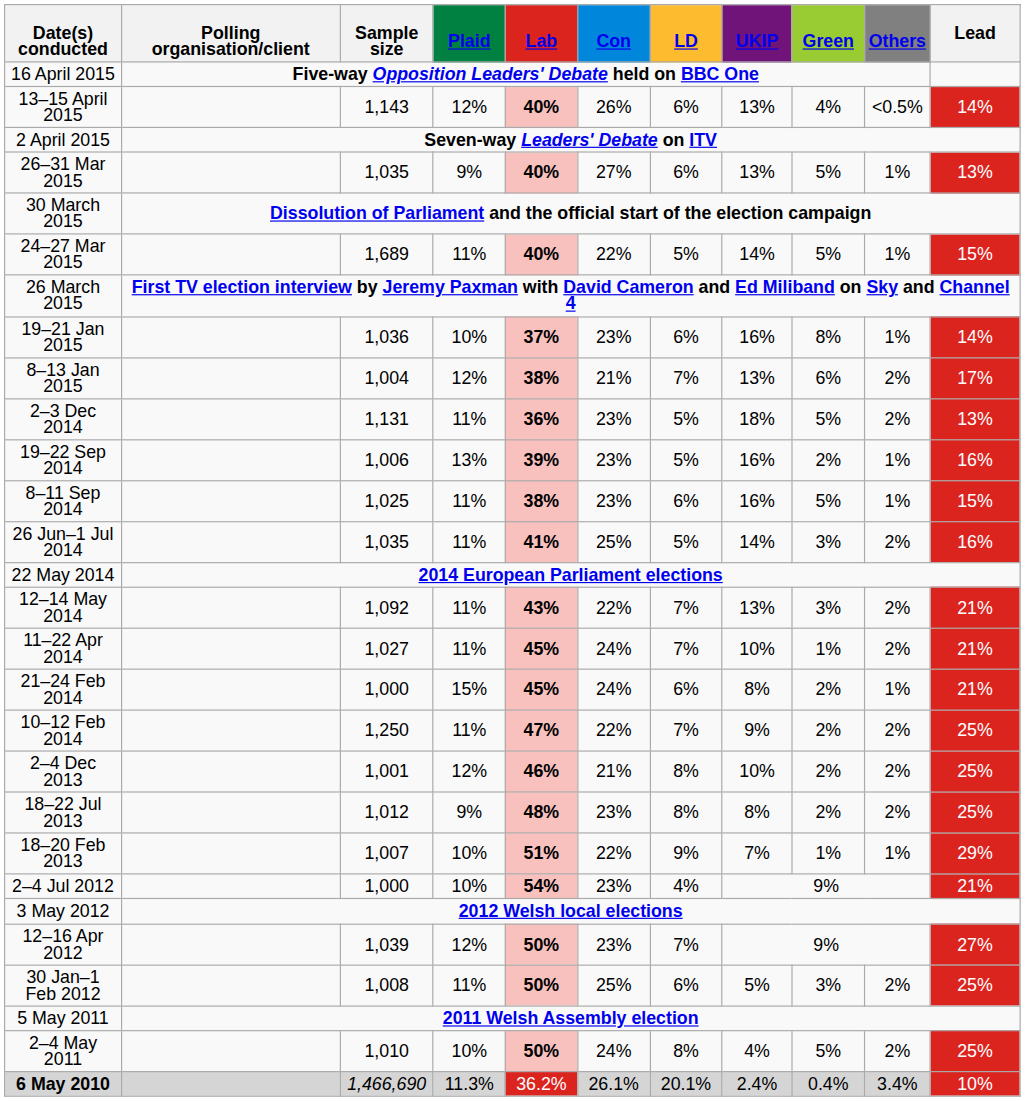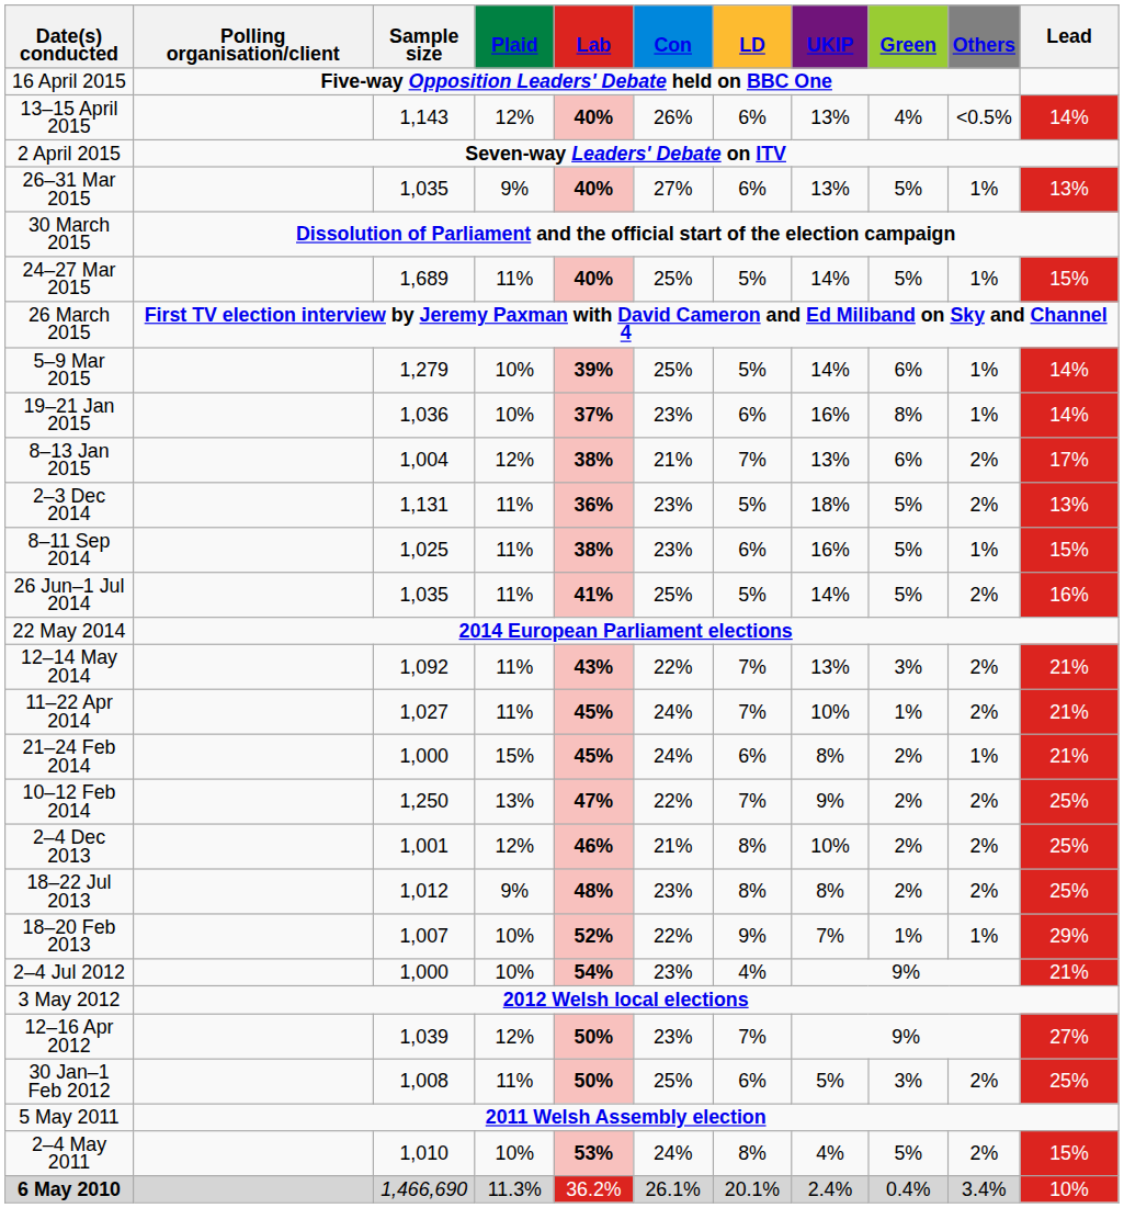 <table class="wikitable sortable" style="text-align:center;font-size:95%;line-height:14px">
 <tr>
 <th style="width:100px;"><br>Date(s) conducted</th>
 <th style="width:200px;"><br>Polling organisation/client</th>
 <th class="unsortable" style="width:75px;"><br>Sample size</th>
 <th class="unsortable" style="background:#008142; width:60px;"><br><a href='#'><span>Plaid</span></a></th>
 <th class="unsortable" style="background:#dc241f; width:60px;"><br><a href='#'><span>Lab</span></a></th>
 <th class="unsortable" style="background:#0087dc; width:60px;"><br><a href='#'><span>Con</span></a></th>
 <th class="unsortable" style="background:#fdbb30; width:60px;"><br><a href='#'><span>LD</span></a></th>
 <th class="unsortable" style="background:#70147a; width:60px;"><br><a href='#'><span>UKIP</span></a></th>
 <th class="unsortable" style="background:#99CC33; width:60px;"><br><a href='#'><span>Green</span></a></th>
 <th class="unsortable" style="background:gray; width:60x;"><br><a href='#'><span>Others</span></a></th>
 <th ! class="unsortable" style="width:85px;">Lead</th>
 </tr>
 <tr>
 <td>16 April 2015</td>
 <td colspan="9"><strong>Five-way <em><a href='#'>Opposition Leaders' Debate</a></em> held on <a href='#'>BBC One</a></strong></td>
 </tr>
 <tr>
 <td>13–15 April 2015</td>
 <td></td>
 <td>1,143</td>
 <td>12%</td>
 <td style="background:#F8C1BE"><strong>40%</strong></td>
 <td>26%</td>
 <td>6%</td>
 <td>13%</td>
 <td>4%</td>
 <td><0.5%</td>
 <td style="background:#dc241f; color:white;">14%</td>
 </tr>
 <tr>
 <td>2 April 2015</td>
 <td colspan="10"><strong>Seven-way <em><a href='#'>Leaders' Debate</a></em> on <a href='#'>ITV</a></strong></td>
 </tr>
 <tr>
 <td>26–31 Mar 2015</td>
 <td></td>
 <td>1,035</td>
 <td>9%</td>
 <td style="background:#F8C1BE"><strong>40%</strong></td>
 <td>27%</td>
 <td>6%</td>
 <td>13%</td>
 <td>5%</td>
 <td>1%</td>
 <td style="background:#dc241f; color:white;">13%</td>
 </tr>
 <tr>
 <td>30 March 2015</td>
 <td colspan="10"><strong><a href='#'>Dissolution of Parliament</a> and the official start of the election campaign</strong></td>
 </tr>
 <tr>
 <td>24–27 Mar 2015</td>
 <td></td>
 <td>1,689</td>
 <td>11%</td>
 <td style="background:#F8C1BE"><strong>40%</strong></td>
-<td>22%</td>
+<td>25%</td>
 <td>5%</td>
 <td>14%</td>
 <td>5%</td>
 <td>1%</td>
 <td style="background:#dc241f; color:white;">15%</td>
 </tr>
 <tr>
 <td>26 March 2015</td>
 <td colspan="10"><strong><a href='#'>First TV election interview</a> by <a href='#'>Jeremy Paxman</a> with <a href='#'>David Cameron</a> and <a href='#'>Ed Miliband</a> on <a href='#'>Sky</a> and <a href='#'>Channel 4</a></strong></td>
+</tr>
+<tr>
+<td>5–9 Mar 2015</td>
+<td></td>
+<td>1,279</td>
+<td>10%</td>
+<td style="background:#F8C1BE"><strong>39%</strong></td>
+<td>25%</td>
+<td>5%</td>
+<td>14%</td>
+<td>6%</td>
+<td>1%</td>
+<td style="background:#dc241f; color:white;">14%</td>
 </tr>
 <tr>
 <td>19–21 Jan 2015</td>
 <td></td>
 <td>1,036</td>
 <td>10%</td>
 <td style="background:#F8C1BE"><strong>37%</strong></td>
 <td>23%</td>
 <td>6%</td>
 <td>16%</td>
 <td>8%</td>
 <td>1%</td>
 <td style="background:#dc241f; color:white;">14%</td>
 </tr>
 <tr>
 <td>8–13 Jan 2015</td>
 <td></td>
 <td>1,004</td>
 <td>12%</td>
 <td style="background:#F8C1BE"><strong>38%</strong></td>
 <td>21%</td>
 <td>7%</td>
 <td>13%</td>
 <td>6%</td>
 <td>2%</td>
 <td style="background:#dc241f; color:white;">17%</td>
 </tr>
 <tr>
 <td>2–3 Dec 2014</td>
 <td></td>
 <td>1,131</td>
 <td>11%</td>
 <td style="background:#F8C1BE"><strong>36%</strong></td>
 <td>23%</td>
 <td>5%</td>
 <td>18%</td>
 <td>5%</td>
 <td>2%</td>
 <td style="background:#dc241f; color:white;">13%</td>
 </tr>
 <tr>
-<td>19–22 Sep 2014</td>
-<td></td>
-<td>1,006</td>
-<td>13%</td>
-<td style="background:#F8C1BE"><strong>39%</strong></td>
-<td>23%</td>
-<td>5%</td>
-<td>16%</td>
-<td>2%</td>
-<td>1%</td>
-<td style="background:#dc241f; color:white;">16%</td>
-</tr>
-<tr>
 <td>8–11 Sep 2014</td>
 <td></td>
 <td>1,025</td>
 <td>11%</td>
 <td style="background:#F8C1BE"><strong>38%</strong></td>
 <td>23%</td>
 <td>6%</td>
 <td>16%</td>
 <td>5%</td>
 <td>1%</td>
 <td style="background:#dc241f; color:white;">15%</td>
 </tr>
 <tr>
 <td>26 Jun–1 Jul 2014</td>
 <td></td>
 <td>1,035</td>
 <td>11%</td>
 <td style="background:#F8C1BE"><strong>41%</strong></td>
 <td>25%</td>
 <td>5%</td>
 <td>14%</td>
-<td>3%</td>
+<td>5%</td>
 <td>2%</td>
 <td style="background:#dc241f; color:white;">16%</td>
 </tr>
 <tr>
 <td data-sort-value="2014-05-22">22 May 2014</td>
 <td colspan="10"><strong><a href='#'>2014 European Parliament elections</a></strong></td>
 </tr>
 <tr>
 <td>12–14 May 2014</td>
 <td></td>
 <td>1,092</td>
 <td>11%</td>
 <td style="background:#F8C1BE"><strong>43%</strong></td>
 <td>22%</td>
 <td>7%</td>
 <td>13%</td>
 <td>3%</td>
 <td>2%</td>
 <td style="background:#dc241f; color:white;">21%</td>
 </tr>
 <tr>
 <td>11–22 Apr 2014</td>
 <td></td>
 <td>1,027</td>
 <td>11%</td>
 <td style="background:#F8C1BE"><strong>45%</strong></td>
 <td>24%</td>
 <td>7%</td>
 <td>10%</td>
 <td>1%</td>
 <td>2%</td>
 <td style="background:#dc241f; color:white;">21%</td>
 </tr>
 <tr>
 <td>21–24 Feb 2014</td>
 <td></td>
 <td>1,000</td>
 <td>15%</td>
 <td style="background:#F8C1BE"><strong>45%</strong></td>
 <td>24%</td>
 <td>6%</td>
 <td>8%</td>
 <td>2%</td>
 <td>1%</td>
 <td style="background:#dc241f; color:white;">21%</td>
 </tr>
 <tr>
 <td>10–12 Feb 2014</td>
 <td></td>
 <td>1,250</td>
-<td>11%</td>
+<td>13%</td>
 <td style="background:#F8C1BE"><strong>47%</strong></td>
 <td>22%</td>
 <td>7%</td>
 <td>9%</td>
 <td>2%</td>
 <td>2%</td>
 <td style="background:#dc241f; color:white;">25%</td>
 </tr>
 <tr>
 <td>2–4 Dec 2013</td>
 <td></td>
 <td>1,001</td>
 <td>12%</td>
 <td style="background:#F8C1BE"><strong>46%</strong></td>
 <td>21%</td>
 <td>8%</td>
 <td>10%</td>
 <td>2%</td>
 <td>2%</td>
 <td style="background:#dc241f; color:white;">25%</td>
 </tr>
 <tr>
 <td>18–22 Jul 2013</td>
 <td></td>
 <td>1,012</td>
 <td>9%</td>
 <td style="background:#F8C1BE"><strong>48%</strong></td>
 <td>23%</td>
 <td>8%</td>
 <td>8%</td>
 <td>2%</td>
 <td>2%</td>
 <td style="background:#dc241f; color:white;">25%</td>
 </tr>
 <tr>
 <td>18–20 Feb 2013</td>
 <td></td>
 <td>1,007</td>
 <td>10%</td>
-<td style="background:#F8C1BE"><strong>51%</strong></td>
+<td style="background:#F8C1BE"><strong>52%</strong></td>
 <td>22%</td>
 <td>9%</td>
 <td>7%</td>
 <td>1%</td>
 <td>1%</td>
 <td style="background:#dc241f; color:white;">29%</td>
 </tr>
 <tr>
 <td>2–4 Jul 2012</td>
 <td></td>
 <td>1,000</td>
 <td>10%</td>
 <td style="background:#F8C1BE"><strong>54%</strong></td>
 <td>23%</td>
 <td>4%</td>
 <td colspan="3">9%</td>
 <td style="background:#dc241f; color:white;">21%</td>
 </tr>
 <tr>
 <td data-sort-value="2012-05-03">3 May 2012</td>
 <td colspan="10"><strong><a href='#'>2012 Welsh local elections</a></strong></td>
 </tr>
 <tr>
 <td>12–16 Apr 2012</td>
 <td></td>
 <td>1,039</td>
 <td>12%</td>
 <td style="background:#F8C1BE"><strong>50%</strong></td>
 <td>23%</td>
 <td>7%</td>
 <td colspan="3">9%</td>
 <td style="background:#dc241f; color:white;">27%</td>
 </tr>
 <tr>
 <td>30 Jan–1 Feb 2012</td>
 <td></td>
 <td>1,008</td>
 <td>11%</td>
 <td style="background:#F8C1BE"><strong>50%</strong></td>
 <td>25%</td>
 <td>6%</td>
 <td>5%</td>
 <td>3%</td>
 <td>2%</td>
 <td style="background:#dc241f; color:white;">25%</td>
 </tr>
 <tr>
 <td data-sort-value="2011-05-05">5 May 2011</td>
 <td colspan="10"><strong><a href='#'>2011 Welsh Assembly election</a></strong></td>
 </tr>
 <tr>
 <td>2–4 May 2011</td>
 <td></td>
 <td>1,010</td>
 <td>10%</td>
-<td style="background:#F8C1BE"><strong>50%</strong></td>
+<td style="background:#F8C1BE"><strong>53%</strong></td>
 <td>24%</td>
 <td>8%</td>
 <td>4%</td>
 <td>5%</td>
 <td>2%</td>
-<td style="background:#dc241f; color:white;">25%</td>
+<td style="background:#dc241f; color:white;">15%</td>
 </tr>
 <tr>
 <td style="background:#D5D5D5"><strong>6 May 2010</strong></td>
 <td style="background:#D5D5D5"></td>
 <td style="background:#D5D5D5"><em>1,466,690</em></td>
 <td style="background:#D5D5D5">11.3%</td>
 <td style="background:#dc241f; color:white;">36.2%</td>
 <td style="background:#D5D5D5">26.1%</td>
 <td style="background:#D5D5D5">20.1%</td>
 <td style="background:#D5D5D5">2.4%</td>
 <td style="background:#D5D5D5">0.4%</td>
 <td style="background:#D5D5D5">3.4%</td>
 <td style="background:#dc241f; color:white;">10%</td>
 </tr>
 </table>
